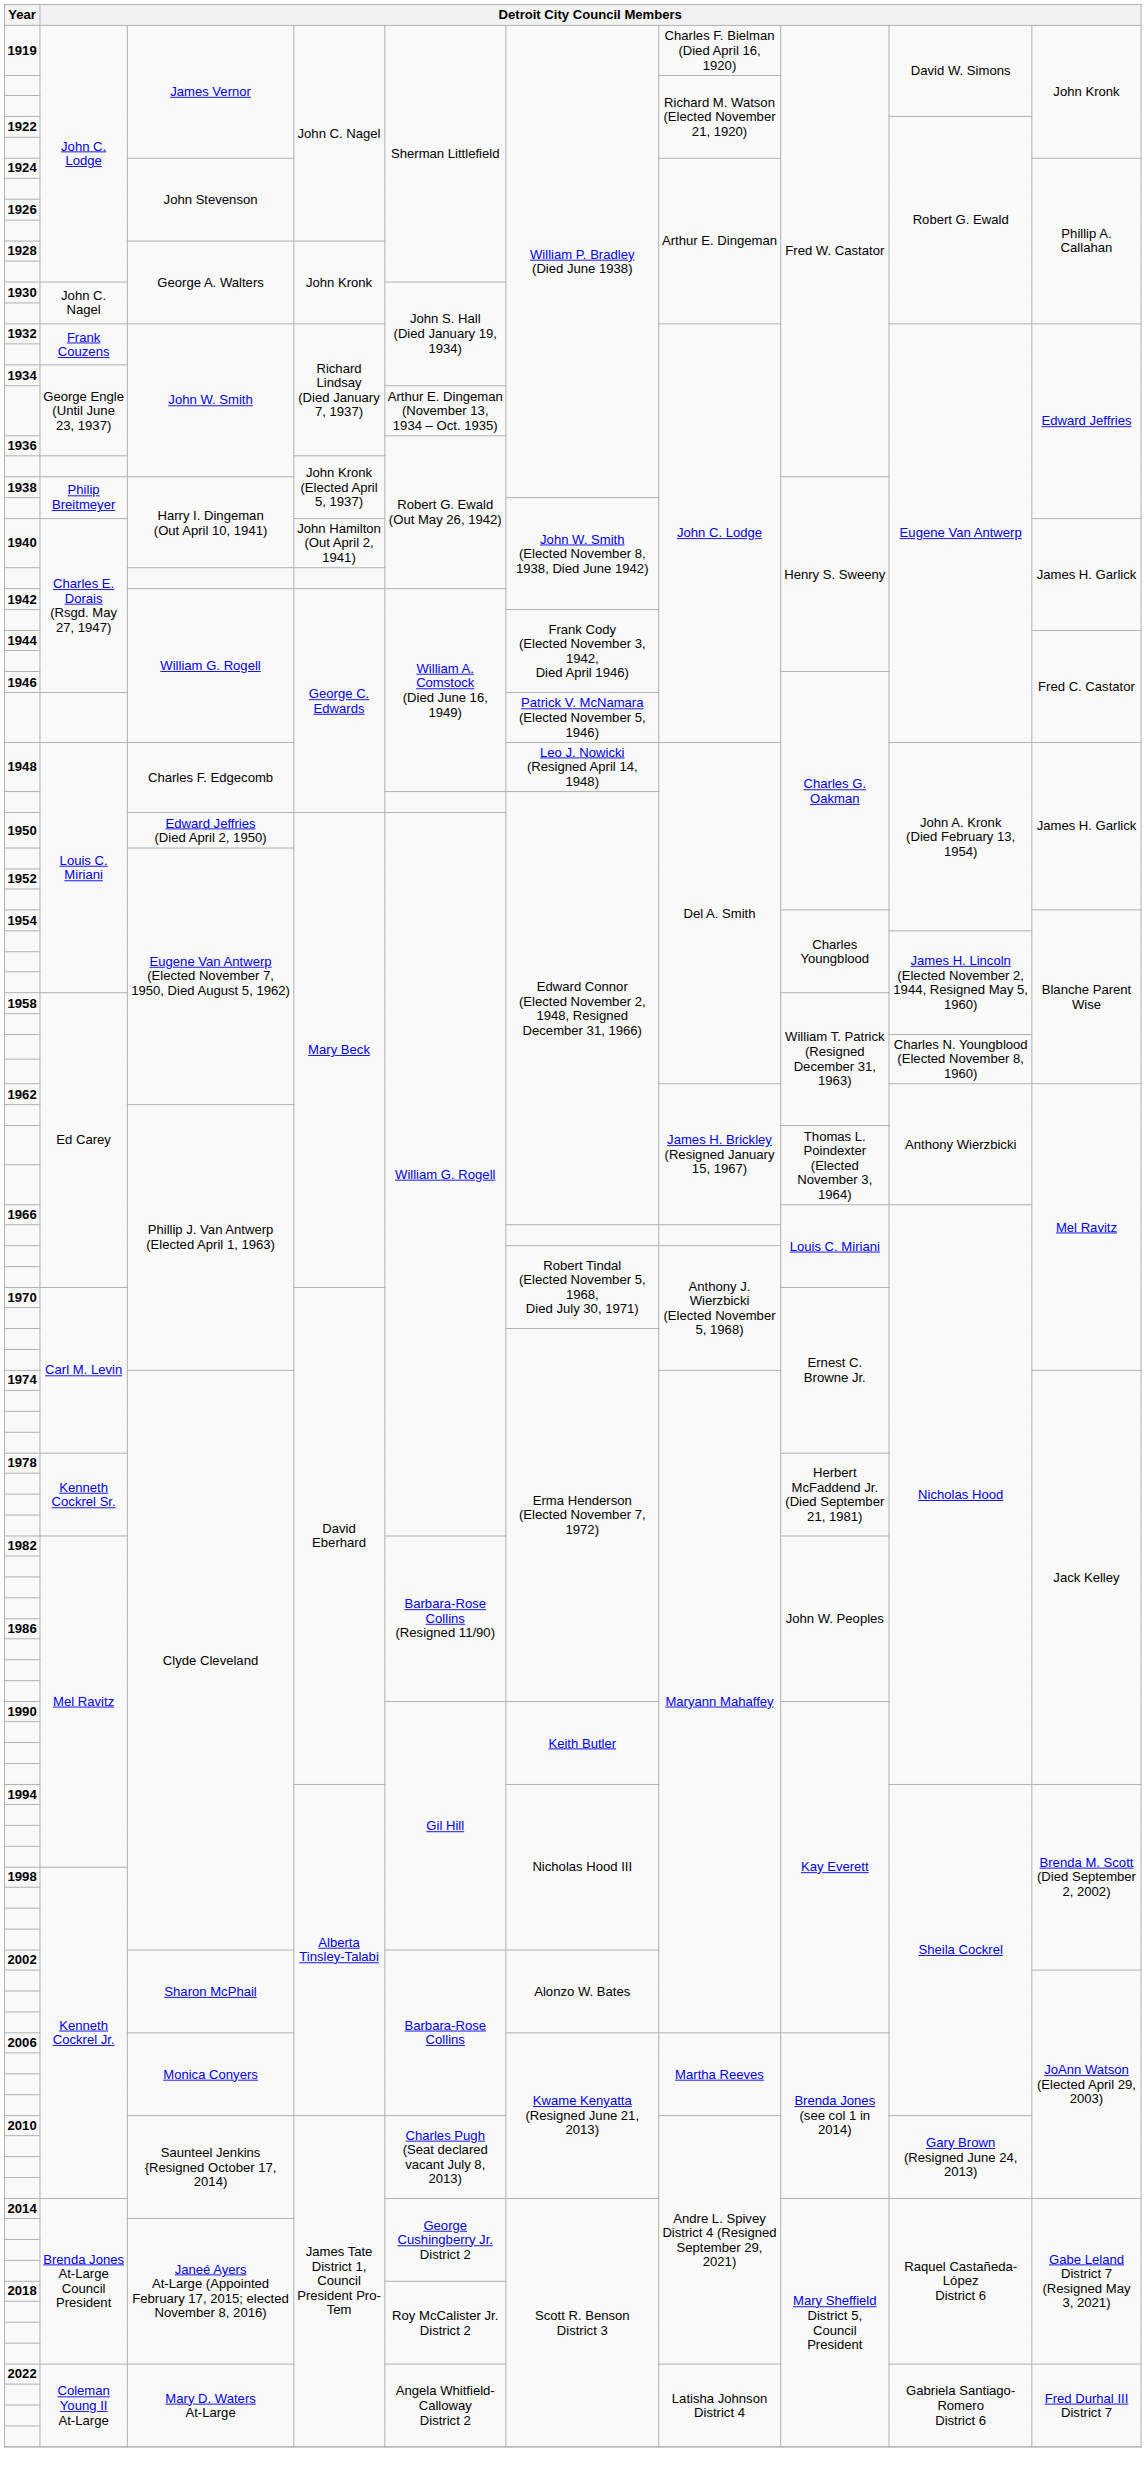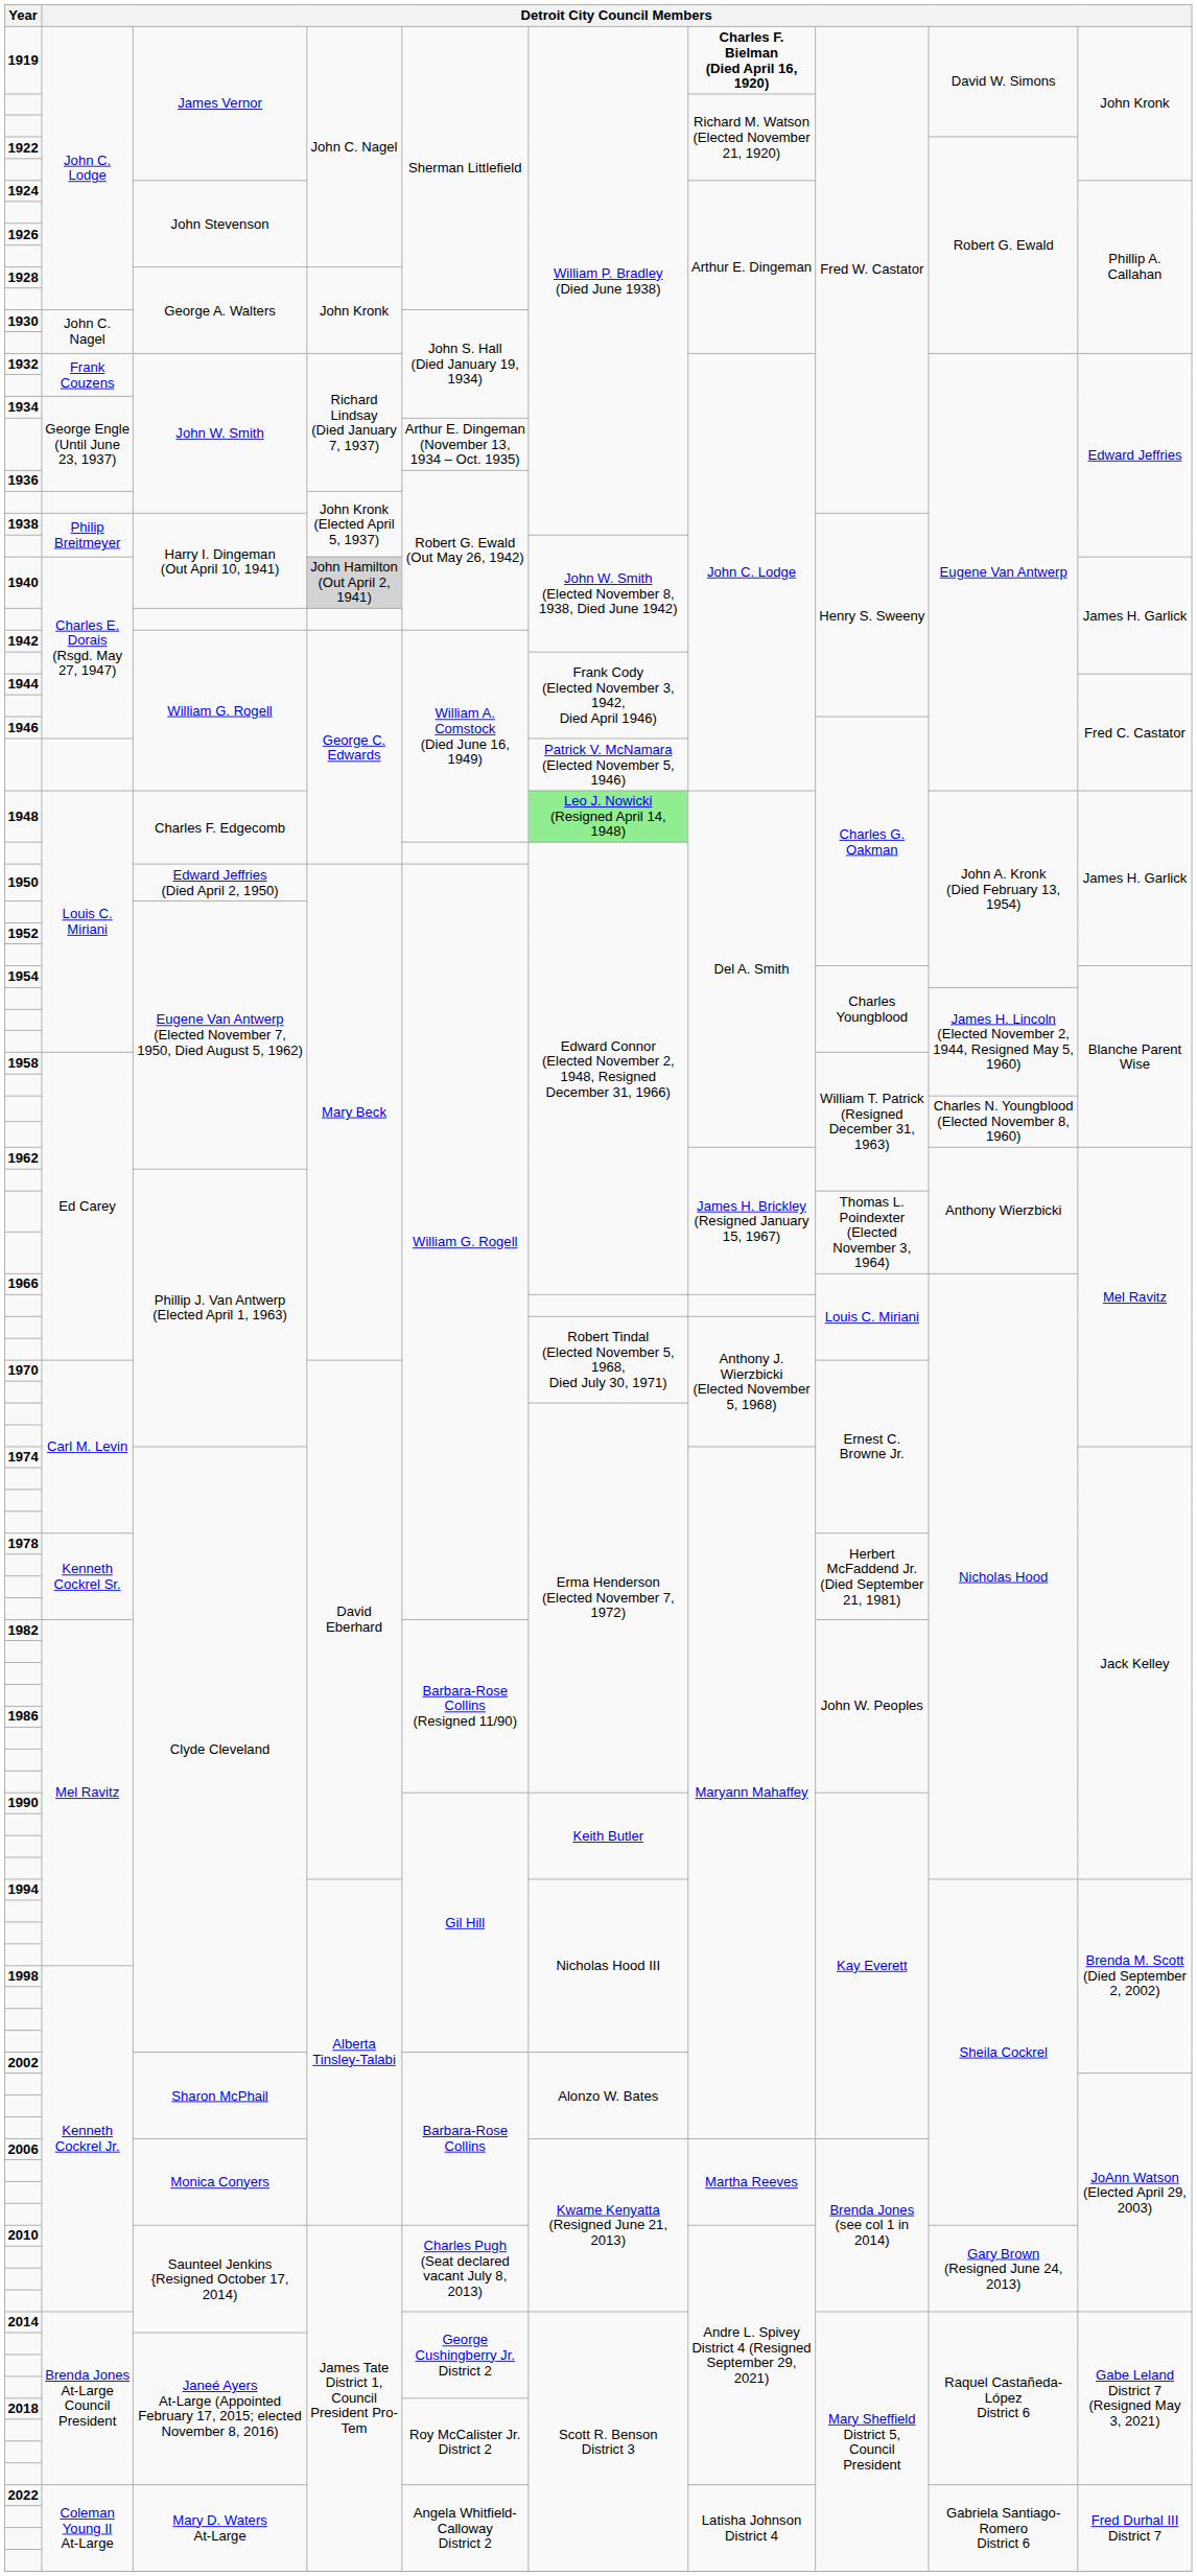 <table class=wikitable style="text-align:center; font-size: 90%;">
 <tr>
 <th>Year</th>
 <th colspan=9>Detroit City Council Members</th>
 </tr>
 <tr>
 <td rowspan=1><strong>1919</strong></td>
 <td rowspan=11 ><a href='#'>John C. Lodge</a></td>
 <td rowspan=5><a href='#'>James Vernor</a></td>
 <td rowspan=9 >John C. Nagel</td>
 <td rowspan=11 >Sherman Littlefield</td>
 <td rowspan=20><a href='#'>William P. Bradley</a> <br>(Died June 1938)</td>
-<td rowspan=1 >Charles F. Bielman <br>(Died April 16, 1920)</td>
+<td rowspan=1 ><strong>Charles F. Bielman <br>(Died April 16, 1920)</strong></td>
 <td rowspan=19 >Fred W. Castator</td>
 <td rowspan=3 >David W. Simons</td>
 <td rowspan=5 >John Kronk</td>
 </tr>
 <tr>
 <td rowspan=1> </td>
 <td rowspan=4>Richard M. Watson <br>(Elected November 21, 1920)</td>
 </tr>
 <tr>
 <td rowspan=1> </td>
 </tr>
 <tr>
 <td rowspan=1><strong>1922</strong></td>
 <td rowspan=10 >Robert G. Ewald</td>
 </tr>
 <tr>
 <td rowspan=1> </td>
 </tr>
 <tr>
 <td rowspan=1><strong>1924</strong></td>
 <td rowspan=4 >John Stevenson</td>
 <td rowspan=8>Arthur E. Dingeman</td>
 <td rowspan=8 >Phillip A. Callahan</td>
 </tr>
 <tr>
 <td rowspan=1> </td>
 </tr>
 <tr>
 <td rowspan=1><strong>1926</strong></td>
 </tr>
 <tr>
 <td rowspan=1> </td>
 </tr>
 <tr>
 <td rowspan=1><strong>1928</strong></td>
 <td rowspan=4>George A. Walters</td>
 <td rowspan=4 >John Kronk</td>
 </tr>
 <tr>
 <td rowspan=1> </td>
 </tr>
 <tr>
 <td rowspan=1><strong>1930</strong></td>
 <td rowspan=2 >John C. Nagel</td>
 <td rowspan=5 >John S. Hall <br>(Died January 19, 1934)</td>
 </tr>
 <tr>
 <td rowspan=1> </td>
 </tr>
 <tr>
 <td rowspan=1><strong>1932</strong></td>
 <td rowspan=2 ><a href='#'>Frank Couzens</a></td>
 <td rowspan=6 ><a href='#'>John W. Smith</a></td>
 <td rowspan=5 >Richard Lindsay <br>(Died January 7, 1937)</td>
 <td rowspan=16 ><a href='#'>John C. Lodge</a></td>
 <td rowspan=16 ><a href='#'>Eugene Van Antwerp</a></td>
 <td rowspan=8 ><a href='#'>Edward Jeffries</a></td>
 </tr>
 <tr>
 <td rowspan=1> </td>
 </tr>
 <tr>
 <td rowspan=1><strong>1934</strong></td>
 <td rowspan=3 >George Engle <br>(Until June 23, 1937)</td>
 </tr>
 <tr>
 <td rowspan=1> </td>
 <td rowspan=1>Arthur E. Dingeman <br>(November 13, 1934 – Oct. 1935)</td>
 </tr>
 <tr>
 <td rowspan=1><strong>1936</strong></td>
 <td rowspan=6 >Robert G. Ewald <br>(Out May 26, 1942)</td>
 </tr>
 <tr>
 <td rowspan=1> </td>
 <td rowspan=1> </td>
 <td rowspan=3 >John Kronk <br>(Elected April 5, 1937)</td>
 </tr>
 <tr>
 <td rowspan=1><strong>1938</strong></td>
 <td rowspan=2 ><a href='#'>Philip Breitmeyer</a></td>
 <td rowspan=3 >Harry I. Dingeman <br>(Out April 10, 1941)</td>
 <td rowspan=8>Henry S. Sweeny</td>
 </tr>
 <tr>
 <td rowspan=1> </td>
 <td rowspan=4 ><a href='#'>John W. Smith</a> <br>(Elected November 8, 1938, Died June 1942)</td>
 </tr>
 <tr>
 <td rowspan=1><strong>1940</strong></td>
 <td rowspan=7><a href='#'>Charles E. Dorais</a> <br>(Rsgd. May 27, 1947)</td>
-<td rowspan=1 >John Hamilton <br>(Out April 2, 1941)</td>
+<td rowspan=1  style="background: lightgrey;">John Hamilton <br>(Out April 2, 1941)</td>
 <td rowspan=4 >James H. Garlick</td>
 </tr>
 <tr>
 <td rowspan=1> </td>
 <td rowspan=1> </td>
 <td rowspan=1> </td>
 </tr>
 <tr>
 <td rowspan=1><strong>1942</strong></td>
 <td rowspan=6><a href='#'>William G. Rogell</a></td>
 <td rowspan=8 ><a href='#'>George C. Edwards</a></td>
 <td rowspan=7 ><a href='#'>William A. Comstock</a> <br>(Died June 16, 1949)</td>
 </tr>
 <tr>
 <td rowspan=1> </td>
 <td rowspan=4>Frank Cody <br>(Elected November 3, 1942, <br>Died April 1946)</td>
 </tr>
 <tr>
 <td rowspan=1><strong>1944</strong></td>
 <td rowspan=4>Fred C. Castator</td>
 </tr>
 <tr>
 <td rowspan=1> </td>
 </tr>
 <tr>
 <td rowspan=1><strong>1946</strong></td>
 <td rowspan=8 ><a href='#'>Charles G. Oakman</a></td>
 </tr>
 <tr>
 <td rowspan=1> </td>
 <td rowspan=1> </td>
 <td rowspan=1 ><a href='#'>Patrick V. McNamara</a> <br>(Elected November 5, 1946)</td>
 </tr>
 <tr>
 <td rowspan=1><strong>1948</strong></td>
 <td rowspan=10 ><a href='#'>Louis C. Miriani</a></td>
 <td rowspan=2>Charles F. Edgecomb</td>
-<td rowspan=1 ><a href='#'>Leo J. Nowicki</a> <br>(Resigned April 14, 1948)</td>
+<td rowspan=1  style="background: lightgreen;"><a href='#'>Leo J. Nowicki</a> <br>(Resigned April 14, 1948)</td>
 <td rowspan=14>Del A. Smith</td>
 <td rowspan=7 >John A. Kronk <br>(Died February 13, 1954)</td>
 <td rowspan=6 >James H. Garlick</td>
 </tr>
 <tr>
 <td rowspan=1> </td>
 <td rowspan=1> </td>
 <td rowspan=18 >Edward Connor <br>(Elected November 2, 1948, Resigned December 31, 1966)</td>
 </tr>
 <tr>
 <td rowspan=1><strong>1950</strong></td>
 <td rowspan=1 ><a href='#'>Edward Jeffries</a> <br>(Died April 2, 1950)</td>
 <td rowspan=20 ><a href='#'>Mary Beck</a></td>
 <td rowspan=32><a href='#'>William G. Rogell</a></td>
 </tr>
 <tr>
 <td rowspan=1> </td>
 <td rowspan=12 ><a href='#'>Eugene Van Antwerp</a> <br>(Elected November 7, 1950, Died August 5, 1962)</td>
 </tr>
 <tr>
 <td rowspan=1><strong>1952</strong></td>
 </tr>
 <tr>
 <td rowspan=1> </td>
 </tr>
 <tr>
 <td rowspan=1><strong>1954</strong></td>
 <td rowspan=4 >Charles Youngblood</td>
 <td rowspan=8 >Blanche Parent Wise</td>
 </tr>
 <tr>
 <td rowspan=1> </td>
 <td rowspan=5 ><a href='#'>James H. Lincoln</a> <br>(Elected November 2, 1944, Resigned May 5, 1960)</td>
 </tr>
 <tr>
 <td rowspan=1> </td>
 </tr>
 <tr>
 <td rowspan=1> </td>
 </tr>
 <tr>
 <td rowspan=1><strong>1958</strong></td>
 <td rowspan=12 >Ed Carey</td>
 <td rowspan=6 >William T. Patrick <br>(Resigned December 31, 1963)</td>
 </tr>
 <tr>
 <td rowspan=1> </td>
 </tr>
 <tr>
 <td rowspan=1> </td>
 <td rowspan=2 >Charles N. Youngblood <br>(Elected November 8, 1960)</td>
 </tr>
 <tr>
 <td rowspan=1> </td>
 </tr>
 <tr>
 <td rowspan=1><strong>1962</strong></td>
 <td rowspan=5 ><a href='#'>James H. Brickley</a> <br>(Resigned January 15, 1967)</td>
 <td rowspan=4>Anthony Wierzbicki</td>
 <td rowspan=12 ><a href='#'>Mel Ravitz</a></td>
 </tr>
 <tr>
 <td rowspan=1> </td>
 <td rowspan=11>Phillip J. Van Antwerp <br>(Elected April 1, 1963)</td>
 </tr>
 <tr>
 <td rowspan=1> </td>
 <td rowspan=2 >Thomas L. Poindexter <br>(Elected November 3, 1964)</td>
 </tr>
 <tr>
 <td rowspan=1> </td>
 </tr>
 <tr>
 <td rowspan=1><strong>1966</strong></td>
 <td rowspan=4 ><a href='#'>Louis C. Miriani</a></td>
 <td rowspan=28><a href='#'>Nicholas Hood</a></td>
 </tr>
 <tr>
 <td rowspan=1> </td>
 <td rowspan=1> </td>
 <td rowspan=1> </td>
 </tr>
 <tr>
 <td rowspan=1> </td>
 <td rowspan=4>Robert Tindal <br>(Elected November 5, 1968, <br>Died July 30, 1971)</td>
 <td rowspan=6>Anthony J. Wierzbicki <br>(Elected November 5, 1968)</td>
 </tr>
 <tr>
 <td rowspan=1> </td>
 </tr>
 <tr>
 <td rowspan=1><strong>1970</strong></td>
 <td rowspan=8 ><a href='#'>Carl M. Levin</a></td>
 <td rowspan=24>David Eberhard</td>
 <td rowspan=8>Ernest C. Browne Jr.</td>
 </tr>
 <tr>
 <td rowspan=1> </td>
 </tr>
 <tr>
 <td rowspan=1> </td>
 <td rowspan=18 >Erma Henderson <br>(Elected November 7, 1972)</td>
 </tr>
 <tr>
 <td rowspan=1> </td>
 </tr>
 <tr>
 <td rowspan=1><strong>1974</strong></td>
 <td rowspan=28 >Clyde Cleveland</td>
 <td rowspan=32 ><a href='#'>Maryann Mahaffey</a></td>
 <td rowspan=20 >Jack Kelley</td>
 </tr>
 <tr>
 <td rowspan=1> </td>
 </tr>
 <tr>
 <td rowspan=1> </td>
 </tr>
 <tr>
 <td rowspan=1> </td>
 </tr>
 <tr>
 <td rowspan=1><strong>1978</strong></td>
 <td rowspan=4 ><a href='#'>Kenneth Cockrel Sr.</a></td>
 <td rowspan=4>Herbert McFaddend Jr. <br>(Died September 21, 1981)</td>
 </tr>
 <tr>
 <td rowspan=1> </td>
 </tr>
 <tr>
 <td rowspan=1> </td>
 </tr>
 <tr>
 <td rowspan=1> </td>
 </tr>
 <tr>
 <td rowspan=1><strong>1982</strong></td>
 <td rowspan=16 ><a href='#'>Mel Ravitz</a></td>
 <td rowspan=8 ><a href='#'>Barbara-Rose Collins</a> <br>(Resigned 11/90)</td>
 <td rowspan=8>John W. Peoples</td>
 </tr>
 <tr>
 <td rowspan=1> </td>
 </tr>
 <tr>
 <td rowspan=1> </td>
 </tr>
 <tr>
 <td rowspan=1> </td>
 </tr>
 <tr>
 <td rowspan=1><strong>1986</strong></td>
 </tr>
 <tr>
 <td rowspan=1> </td>
 </tr>
 <tr>
 <td rowspan=1> </td>
 </tr>
 <tr>
 <td rowspan=1> </td>
 </tr>
 <tr>
 <td rowspan=1><strong>1990</strong></td>
 <td rowspan=12 ><a href='#'>Gil Hill</a></td>
 <td rowspan=4 ><a href='#'>Keith Butler</a></td>
 <td rowspan=16 ><a href='#'>Kay Everett</a></td>
 </tr>
 <tr>
 <td rowspan=1> </td>
 </tr>
 <tr>
 <td rowspan=1> </td>
 </tr>
 <tr>
 <td rowspan=1> </td>
 </tr>
 <tr>
 <td rowspan=1><strong>1994</strong></td>
 <td rowspan=16 ><a href='#'>Alberta Tinsley-Talabi</a></td>
 <td rowspan=8 >Nicholas Hood III</td>
 <td rowspan=16 ><a href='#'>Sheila Cockrel</a></td>
 <td rowspan=9 ><a href='#'>Brenda M. Scott</a> <br>(Died September 2, 2002)</td>
 </tr>
 <tr>
 <td rowspan=1> </td>
 </tr>
 <tr>
 <td rowspan=1> </td>
 </tr>
 <tr>
 <td rowspan=1> </td>
 </tr>
 <tr>
 <td rowspan=1><strong>1998</strong></td>
 <td rowspan=16 ><a href='#'>Kenneth Cockrel Jr.</a></td>
 </tr>
 <tr>
 <td rowspan=1> </td>
 </tr>
 <tr>
 <td rowspan=1> </td>
 </tr>
 <tr>
 <td rowspan=1> </td>
 </tr>
 <tr>
 <td rowspan=1><strong>2002</strong></td>
 <td rowspan=4 ><a href='#'>Sharon McPhail</a></td>
 <td rowspan=8 ><a href='#'>Barbara-Rose Collins</a></td>
 <td rowspan=4 >Alonzo W. Bates</td>
 </tr>
 <tr>
 <td rowspan=1> </td>
 <td rowspan=11 ><a href='#'>JoAnn Watson</a> <br>(Elected April 29, 2003)</td>
 </tr>
 <tr>
 <td rowspan=1> </td>
 </tr>
 <tr>
 <td rowspan=1> </td>
 </tr>
 <tr>
 <td rowspan=1><strong>2006</strong></td>
 <td rowspan=4 ><a href='#'>Monica Conyers</a></td>
 <td rowspan=8 ><a href='#'>Kwame Kenyatta</a> <br>(Resigned June 21, 2013)</td>
 <td rowspan=4 ><a href='#'>Martha Reeves</a></td>
 <td rowspan=8 ><a href='#'>Brenda Jones</a><br>(see col 1 in 2014)</td>
 </tr>
 <tr>
 <td rowspan=1> </td>
 </tr>
 <tr>
 <td rowspan=1> </td>
 </tr>
 <tr>
 <td rowspan=1> </td>
 </tr>
 <tr>
 <td rowspan=1><strong>2010</strong></td>
 <td rowspan=5 >Saunteel Jenkins<br>{Resigned October 17, 2014)</td>
 <td rowspan=16 >James Tate<br>District 1,<br>Council President Pro-Tem</td>
 <td rowspan=4 ><a href='#'>Charles Pugh</a><br>(Seat declared vacant July 8, 2013)</td>
 <td rowspan=12 >Andre L. Spivey<br>District 4 (Resigned September 29, 2021)</td>
 <td rowspan=4 ><a href='#'>Gary Brown</a> <br>(Resigned June 24, 2013)</td>
 </tr>
 <tr>
 <td rowspan=1> </td>
 </tr>
 <tr>
 <td rowspan=1> </td>
 </tr>
 <tr>
 <td rowspan=1> </td>
 </tr>
 <tr>
 <td rowspan=1><strong>2014</strong></td>
 <td rowspan=8 ><a href='#'>Brenda Jones</a><br>At-Large<br>Council President</td>
 <td rowspan=4 ><a href='#'>George Cushingberry Jr.</a><br>District 2<br></td>
 <td rowspan=12 >Scott R. Benson<br>District 3</td>
 <td rowspan=12 ><a href='#'>Mary Sheffield</a><br>District 5,<br>Council President</td>
 <td rowspan=8 >Raquel Castañeda-López<br>District 6</td>
 <td rowspan=8 ><a href='#'>Gabe Leland</a><br>District 7 (Resigned May 3, 2021)</td>
 </tr>
 <tr>
 <td rowspan=1> </td>
 <td rowspan=7 ><a href='#'>Janeé Ayers</a><br>At-Large (Appointed February 17, 2015; elected November 8, 2016)</td>
 </tr>
 <tr>
 <td rowspan=1> </td>
 </tr>
 <tr>
 <td rowspan=1> </td>
 </tr>
 <tr>
 <td rowspan=1><strong>2018</strong></td>
 <td rowspan=4 >Roy McCalister Jr.<br>District 2<br></td>
 </tr>
 <tr>
 <td rowspan=1> </td>
 </tr>
 <tr>
 <td rowspan=1> </td>
 </tr>
 <tr>
 <td rowspan=1> </td>
 </tr>
 <tr>
 <td rowspan=1><strong>2022</strong></td>
 <td rowspan=4 ><a href='#'>Coleman Young II</a><br>At-Large<br></td>
 <td rowspan=4 ><a href='#'>Mary D. Waters</a><br>At-Large<br></td>
 <td rowspan=4 >Angela Whitfield-Calloway<br>District 2<br></td>
 <td rowspan=4 >Latisha Johnson<br>District 4</td>
 <td rowspan=4 >Gabriela Santiago-Romero<br>District 6</td>
 <td rowspan=4 ><a href='#'>Fred Durhal III</a><br>District 7</td>
 </tr>
 <tr>
 <td rowspan=1> </td>
 </tr>
 <tr>
 <td rowspan=1> </td>
 </tr>
 <tr>
 <td rowspan=1> </td>
 </tr>
 <tr>
 </tr>
 </table>
